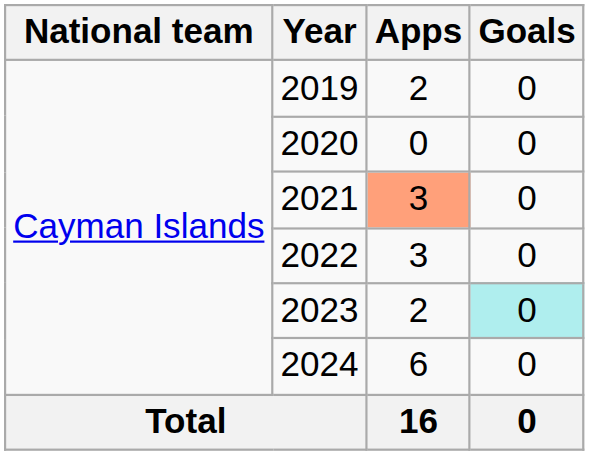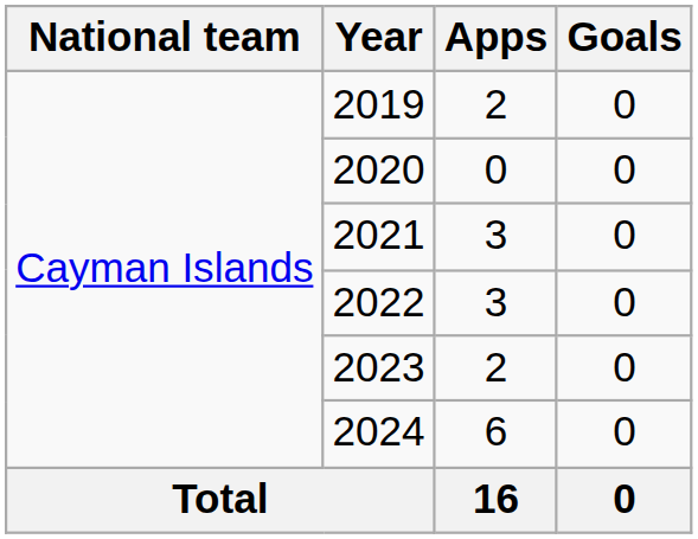 <table class="wikitable" style="text-align:center">
 <tr>
 <th>National team</th>
 <th>Year</th>
 <th>Apps</th>
 <th>Goals</th>
 </tr>
 <tr>
 <td rowspan=6><a href='#'>Cayman Islands</a></td>
 <td>2019</td>
 <td>2</td>
 <td>0</td>
 </tr>
 <tr>
 <td>2020</td>
 <td>0</td>
 <td>0</td>
 </tr>
 <tr>
 <td>2021</td>
-<td style="background: lightsalmon;">3</td>
+<td>3</td>
 <td>0</td>
 </tr>
 <tr>
 <td>2022</td>
 <td>3</td>
 <td>0</td>
 </tr>
 <tr>
 <td>2023</td>
 <td>2</td>
-<td style="background: paleturquoise;">0</td>
+<td>0</td>
 </tr>
 <tr>
 <td>2024</td>
 <td>6</td>
 <td>0</td>
 </tr>
 <tr>
 <th colspan=2>Total</th>
 <th>16</th>
 <th>0</th>
 </tr>
 </table>
